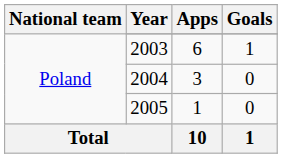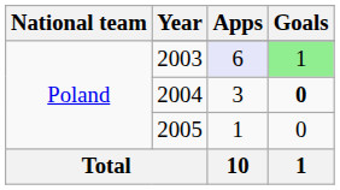 <table class="wikitable" style="text-align:center">
 <tr>
 <th>National team</th>
 <th>Year</th>
 <th>Apps</th>
 <th>Goals</th>
 </tr>
 <tr>
 <td rowspan=4><a href='#'>Poland</a></td>
 </tr>
 <tr>
 <td>2003</td>
-<td>6</td>
-<td>1</td>
+<td style="background: lavender;">6</td>
+<td style="background: lightgreen;">1</td>
 </tr>
 <tr>
 <td>2004</td>
 <td>3</td>
-<td>0</td>
+<td><strong>0</strong></td>
 </tr>
 <tr>
 <td>2005</td>
 <td>1</td>
 <td>0</td>
 </tr>
 <tr>
 <th colspan="2">Total</th>
 <th>10</th>
 <th>1</th>
 </tr>
 </table>
